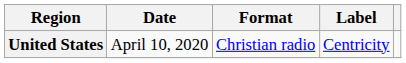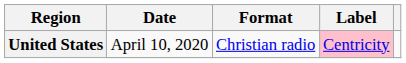 <table class="wikitable plainrowheaders">
 <tr>
 <th scope="col">Region</th>
 <th scope="col">Date</th>
 <th scope="col">Format</th>
 <th scope="col">Label</th>
 <th scope="col"></th>
 </tr>
 <tr>
 <th scope="row" rowspan="2">United States</th>
 <td>April 10, 2020</td>
 <td><a href='#'>Christian radio</a></td>
-<td><a href='#'>Centricity</a></td>
+<td style="background: pink;"><a href='#'>Centricity</a></td>
 <td></td>
 </tr>
 <tr>
 </tr>
 </table>
